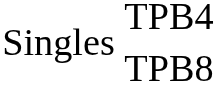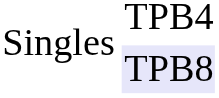 <table>
 <tr>
 <td rowspan="2">Singles</td>
 <td>TPB4</td>
 <td></td>
 <td></td>
 <td></td>
 </tr>
 <tr>
-<td>TPB8</td>
+<td style="background: lavender;">TPB8</td>
 <td></td>
 <td></td>
 <td></td>
 </tr>
 </table>
